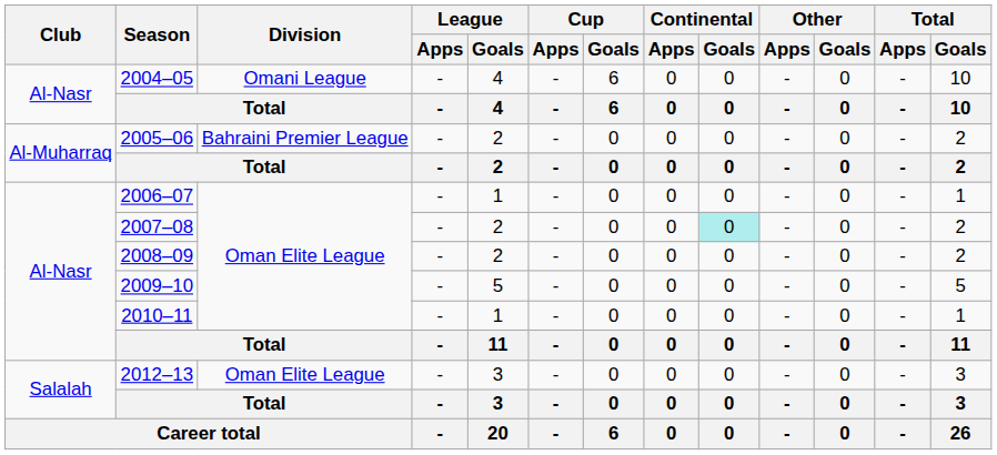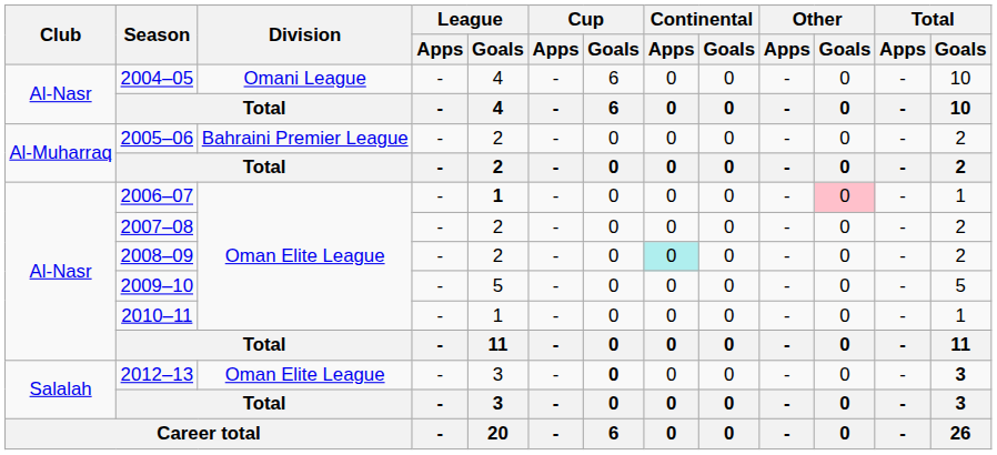 <table class="wikitable" style="text-align: center;">
 <tr>
 <th rowspan="2">Club</th>
 <th rowspan="2">Season</th>
 <th rowspan="2">Division</th>
 <th colspan="2">League</th>
 <th colspan="2">Cup</th>
 <th colspan="2">Continental</th>
 <th colspan="2">Other</th>
 <th colspan="2">Total</th>
 </tr>
 <tr>
 <th>Apps</th>
 <th>Goals</th>
 <th>Apps</th>
 <th>Goals</th>
 <th>Apps</th>
 <th>Goals</th>
 <th>Apps</th>
 <th>Goals</th>
 <th>Apps</th>
 <th>Goals</th>
 </tr>
 <tr>
 <td rowspan="2"><a href='#'>Al-Nasr</a></td>
 <td><a href='#'>2004–05</a></td>
 <td rowspan="1"><a href='#'>Omani League</a></td>
 <td>-</td>
 <td>4</td>
 <td>-</td>
 <td>6</td>
 <td>0</td>
 <td>0</td>
 <td>-</td>
 <td>0</td>
 <td>-</td>
 <td>10</td>
 </tr>
 <tr>
 <th colspan="2">Total</th>
 <th>-</th>
 <th>4</th>
 <th>-</th>
 <th>6</th>
 <th>0</th>
 <th>0</th>
 <th>-</th>
 <th>0</th>
 <th>-</th>
 <th>10</th>
 </tr>
 <tr>
 <td rowspan="2"><a href='#'>Al-Muharraq</a></td>
 <td><a href='#'>2005–06</a></td>
 <td rowspan="1"><a href='#'>Bahraini Premier League</a></td>
 <td>-</td>
 <td>2</td>
 <td>-</td>
 <td>0</td>
 <td>0</td>
 <td>0</td>
 <td>-</td>
 <td>0</td>
 <td>-</td>
 <td>2</td>
 </tr>
 <tr>
 <th colspan="2">Total</th>
 <th>-</th>
 <th>2</th>
 <th>-</th>
 <th>0</th>
 <th>0</th>
 <th>0</th>
 <th>-</th>
 <th>0</th>
 <th>-</th>
 <th>2</th>
 </tr>
 <tr>
 <td rowspan="6"><a href='#'>Al-Nasr</a></td>
 <td><a href='#'>2006–07</a></td>
 <td rowspan="5"><a href='#'>Oman Elite League</a></td>
 <td>-</td>
-<td>1</td>
+<td><strong>1</strong></td>
 <td>-</td>
 <td>0</td>
 <td>0</td>
 <td>0</td>
 <td>-</td>
-<td>0</td>
+<td style="background: pink;">0</td>
 <td>-</td>
 <td>1</td>
 </tr>
 <tr>
 <td><a href='#'>2007–08</a></td>
 <td>-</td>
 <td>2</td>
 <td>-</td>
 <td>0</td>
 <td>0</td>
-<td style="background: paleturquoise;">0</td>
+<td>0</td>
 <td>-</td>
 <td>0</td>
 <td>-</td>
 <td>2</td>
 </tr>
 <tr>
 <td><a href='#'>2008–09</a></td>
 <td>-</td>
 <td>2</td>
 <td>-</td>
 <td>0</td>
-<td>0</td>
+<td style="background: paleturquoise;">0</td>
 <td>0</td>
 <td>-</td>
 <td>0</td>
 <td>-</td>
 <td>2</td>
 </tr>
 <tr>
 <td><a href='#'>2009–10</a></td>
 <td>-</td>
 <td>5</td>
 <td>-</td>
 <td>0</td>
 <td>0</td>
 <td>0</td>
 <td>-</td>
 <td>0</td>
 <td>-</td>
 <td>5</td>
 </tr>
 <tr>
 <td><a href='#'>2010–11</a></td>
 <td>-</td>
 <td>1</td>
 <td>-</td>
 <td>0</td>
 <td>0</td>
 <td>0</td>
 <td>-</td>
 <td>0</td>
 <td>-</td>
 <td>1</td>
 </tr>
 <tr>
 <th colspan="2">Total</th>
 <th>-</th>
 <th>11</th>
 <th>-</th>
 <th>0</th>
 <th>0</th>
 <th>0</th>
 <th>-</th>
 <th>0</th>
 <th>-</th>
 <th>11</th>
 </tr>
 <tr>
 <td rowspan="2"><a href='#'>Salalah</a></td>
 <td><a href='#'>2012–13</a></td>
 <td rowspan="1"><a href='#'>Oman Elite League</a></td>
 <td>-</td>
 <td>3</td>
 <td>-</td>
-<td>0</td>
+<td><strong>0</strong></td>
 <td>0</td>
 <td>0</td>
 <td>-</td>
 <td>0</td>
 <td>-</td>
-<td>3</td>
+<td><strong>3</strong></td>
 </tr>
 <tr>
 <th colspan="2">Total</th>
 <th>-</th>
 <th>3</th>
 <th>-</th>
 <th>0</th>
 <th>0</th>
 <th>0</th>
 <th>-</th>
 <th>0</th>
 <th>-</th>
 <th>3</th>
 </tr>
 <tr>
 <th colspan="3">Career total</th>
 <th>-</th>
 <th>20</th>
 <th>-</th>
 <th>6</th>
 <th>0</th>
 <th>0</th>
 <th>-</th>
 <th>0</th>
 <th>-</th>
 <th>26</th>
 </tr>
 </table>
